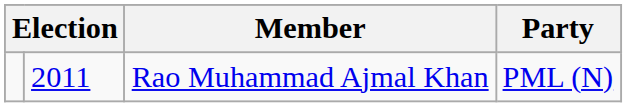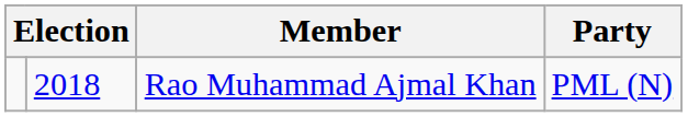 <table class="wikitable">
 <tr>
 <th colspan="2">Election</th>
 <th>Member</th>
 <th>Party</th>
 </tr>
 <tr>
 <td style="background-color: "></td>
-<td><a href='#'>2011</a></td>
+<td><a href='#'>2018</a></td>
 <td><a href='#'>Rao Muhammad Ajmal Khan</a></td>
 <td><a href='#'>PML (N)</a></td>
 </tr>
 </table>
